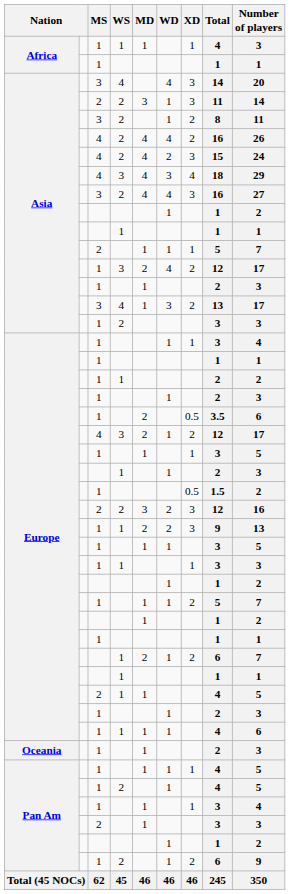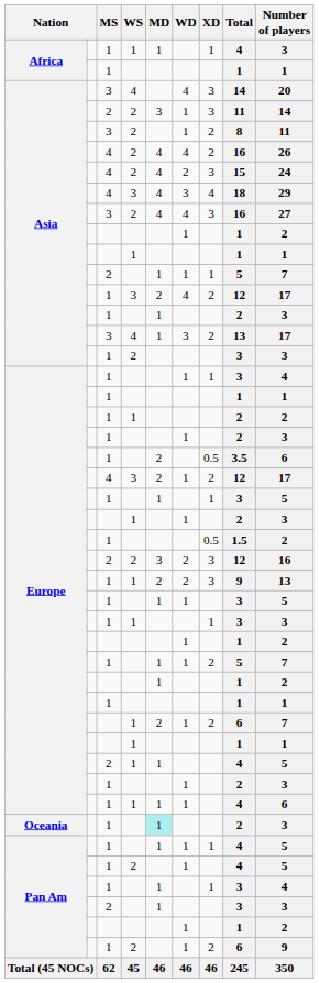 <table class="sortable wikitable" style="font-size:95%; text-align:center">
 <tr>
 <th colspan="2">Nation</th>
 <th>MS</th>
 <th>WS</th>
 <th>MD</th>
 <th>WD</th>
 <th>XD</th>
 <th>Total</th>
 <th>Number<br>of players</th>
 </tr>
 <tr>
 <th rowspan="2"><a href='#'>Africa</a></th>
 <td align="left"></td>
 <td>1</td>
 <td>1</td>
 <td>1</td>
 <td></td>
 <td>1</td>
 <th>4</th>
 <th>3</th>
 </tr>
 <tr>
 <td align="left"></td>
 <td>1</td>
 <td></td>
 <td></td>
 <td></td>
 <td></td>
 <th>1</th>
 <th>1</th>
 </tr>
 <tr>
 <th rowspan="14"><a href='#'>Asia</a></th>
 <td align="left"></td>
 <td>3</td>
 <td>4</td>
 <td></td>
 <td>4</td>
 <td>3</td>
 <th>14</th>
 <th>20</th>
 </tr>
 <tr>
 <td align="left"></td>
 <td>2</td>
 <td>2</td>
 <td>3</td>
 <td>1</td>
 <td>3</td>
 <th>11</th>
 <th>14</th>
 </tr>
 <tr>
 <td align="left"></td>
 <td>3</td>
 <td>2</td>
 <td></td>
 <td>1</td>
 <td>2</td>
 <th>8</th>
 <th>11</th>
 </tr>
 <tr>
 <td align="left"></td>
 <td>4</td>
 <td>2</td>
 <td>4</td>
 <td>4</td>
 <td>2</td>
 <th>16</th>
 <th>26</th>
 </tr>
 <tr>
 <td align="left"></td>
 <td>4</td>
 <td>2</td>
 <td>4</td>
 <td>2</td>
 <td>3</td>
 <th>15</th>
 <th>24</th>
 </tr>
 <tr>
 <td align="left"></td>
 <td>4</td>
 <td>3</td>
 <td>4</td>
 <td>3</td>
 <td>4</td>
 <th>18</th>
 <th>29</th>
 </tr>
 <tr>
 <td align="left"></td>
 <td>3</td>
 <td>2</td>
 <td>4</td>
 <td>4</td>
 <td>3</td>
 <th>16</th>
 <th>27</th>
 </tr>
 <tr>
 <td align="left"></td>
 <td></td>
 <td></td>
 <td></td>
 <td>1</td>
 <td></td>
 <th>1</th>
 <th>2</th>
 </tr>
 <tr>
 <td align="left"></td>
 <td></td>
 <td>1</td>
 <td></td>
 <td></td>
 <td></td>
 <th>1</th>
 <th>1</th>
 </tr>
 <tr>
 <td align="left"></td>
 <td>2</td>
 <td></td>
 <td>1</td>
 <td>1</td>
 <td>1</td>
 <th>5</th>
 <th>7</th>
 </tr>
 <tr>
 <td align="left"></td>
 <td>1</td>
 <td>3</td>
 <td>2</td>
 <td>4</td>
 <td>2</td>
 <th>12</th>
 <th>17</th>
 </tr>
 <tr>
 <td align="left"></td>
 <td>1</td>
 <td></td>
 <td>1</td>
 <td></td>
 <td></td>
 <th>2</th>
 <th>3</th>
 </tr>
 <tr>
 <td align="left"></td>
 <td>3</td>
 <td>4</td>
 <td>1</td>
 <td>3</td>
 <td>2</td>
 <th>13</th>
 <th>17</th>
 </tr>
 <tr>
 <td align="left"></td>
 <td>1</td>
 <td>2</td>
 <td></td>
 <td></td>
 <td></td>
 <th>3</th>
 <th>3</th>
 </tr>
 <tr>
 <th rowspan="22"><a href='#'>Europe</a></th>
 <td align="left"></td>
 <td>1</td>
 <td></td>
 <td></td>
 <td>1</td>
 <td>1</td>
 <th>3</th>
 <th>4</th>
 </tr>
 <tr>
 <td align="left"></td>
 <td>1</td>
 <td></td>
 <td></td>
 <td></td>
 <td></td>
 <th>1</th>
 <th>1</th>
 </tr>
 <tr>
 <td align="left"></td>
 <td>1</td>
 <td>1</td>
 <td></td>
 <td></td>
 <td></td>
 <th>2</th>
 <th>2</th>
 </tr>
 <tr>
 <td align="left"></td>
 <td>1</td>
 <td></td>
 <td></td>
 <td>1</td>
 <td></td>
 <th>2</th>
 <th>3</th>
 </tr>
 <tr>
 <td align="left"></td>
 <td>1</td>
 <td></td>
 <td>2</td>
 <td></td>
 <td>0.5</td>
 <th>3.5</th>
 <th>6</th>
 </tr>
 <tr>
 <td align="left"></td>
 <td>4</td>
 <td>3</td>
 <td>2</td>
 <td>1</td>
 <td>2</td>
 <th>12</th>
 <th>17</th>
 </tr>
 <tr>
 <td align="left"></td>
 <td>1</td>
 <td></td>
 <td>1</td>
 <td></td>
 <td>1</td>
 <th>3</th>
 <th>5</th>
 </tr>
 <tr>
 <td align="left"></td>
 <td></td>
 <td>1</td>
 <td></td>
 <td>1</td>
 <td></td>
 <th>2</th>
 <th>3</th>
 </tr>
 <tr>
 <td align="left"></td>
 <td>1</td>
 <td></td>
 <td></td>
 <td></td>
 <td>0.5</td>
 <th>1.5</th>
 <th>2</th>
 </tr>
 <tr>
 <td align="left"></td>
 <td>2</td>
 <td>2</td>
 <td>3</td>
 <td>2</td>
 <td>3</td>
 <th>12</th>
 <th>16</th>
 </tr>
 <tr>
 <td align="left"></td>
 <td>1</td>
 <td>1</td>
 <td>2</td>
 <td>2</td>
 <td>3</td>
 <th>9</th>
 <th>13</th>
 </tr>
 <tr>
 <td align="left"></td>
 <td>1</td>
 <td></td>
 <td>1</td>
 <td>1</td>
 <td></td>
 <th>3</th>
 <th>5</th>
 </tr>
 <tr>
 <td align="left"></td>
 <td>1</td>
 <td>1</td>
 <td></td>
 <td></td>
 <td>1</td>
 <th>3</th>
 <th>3</th>
 </tr>
 <tr>
 <td align="left"></td>
 <td></td>
 <td></td>
 <td></td>
 <td>1</td>
 <td></td>
 <th>1</th>
 <th>2</th>
 </tr>
 <tr>
 <td align="left"></td>
 <td>1</td>
 <td></td>
 <td>1</td>
 <td>1</td>
 <td>2</td>
 <th>5</th>
 <th>7</th>
 </tr>
 <tr>
 <td align="left"></td>
 <td></td>
 <td></td>
 <td>1</td>
 <td></td>
 <td></td>
 <th>1</th>
 <th>2</th>
 </tr>
 <tr>
 <td align="left"></td>
 <td>1</td>
 <td></td>
 <td></td>
 <td></td>
 <td></td>
 <th>1</th>
 <th>1</th>
 </tr>
 <tr>
 <td align="left"></td>
 <td></td>
 <td>1</td>
 <td>2</td>
 <td>1</td>
 <td>2</td>
 <th>6</th>
 <th>7</th>
 </tr>
 <tr>
 <td align="left"></td>
 <td></td>
 <td>1</td>
 <td></td>
 <td></td>
 <td></td>
 <th>1</th>
 <th>1</th>
 </tr>
 <tr>
 <td align="left"></td>
 <td>2</td>
 <td>1</td>
 <td>1</td>
 <td></td>
 <td></td>
 <th>4</th>
 <th>5</th>
 </tr>
 <tr>
 <td align="left"></td>
 <td>1</td>
 <td></td>
 <td></td>
 <td>1</td>
 <td></td>
 <th>2</th>
 <th>3</th>
 </tr>
 <tr>
 <td align="left"></td>
 <td>1</td>
 <td>1</td>
 <td>1</td>
 <td>1</td>
 <td></td>
 <th>4</th>
 <th>6</th>
 </tr>
 <tr>
 <th rowspan="1"><a href='#'>Oceania</a></th>
 <td align="left"></td>
 <td>1</td>
 <td></td>
-<td>1</td>
+<td style="background: paleturquoise;">1</td>
 <td></td>
 <td></td>
 <th>2</th>
 <th>3</th>
 </tr>
 <tr>
 <th rowspan="6"><a href='#'>Pan Am</a></th>
 <td align="left"></td>
 <td>1</td>
 <td></td>
 <td>1</td>
 <td>1</td>
 <td>1</td>
 <th>4</th>
 <th>5</th>
 </tr>
 <tr>
 <td align="left"></td>
 <td>1</td>
 <td>2</td>
 <td></td>
 <td>1</td>
 <td></td>
 <th>4</th>
 <th>5</th>
 </tr>
 <tr>
 <td align="left"></td>
 <td>1</td>
 <td></td>
 <td>1</td>
 <td></td>
 <td>1</td>
 <th>3</th>
 <th>4</th>
 </tr>
 <tr>
 <td align="left"></td>
 <td>2</td>
 <td></td>
 <td>1</td>
 <td></td>
 <td></td>
 <th>3</th>
 <th>3</th>
 </tr>
 <tr>
 <td align="left"></td>
 <td></td>
 <td></td>
 <td></td>
 <td>1</td>
 <td></td>
 <th>1</th>
 <th>2</th>
 </tr>
 <tr>
 <td align="left"></td>
 <td>1</td>
 <td>2</td>
 <td></td>
 <td>1</td>
 <td>2</td>
 <th>6</th>
 <th>9</th>
 </tr>
 <tr>
 <th colspan="2">Total (45 NOCs)</th>
 <th>62</th>
 <th>45</th>
 <th>46</th>
 <th>46</th>
 <th>46</th>
 <th>245</th>
 <th>350</th>
 </tr>
 </table>
